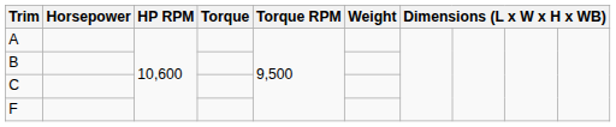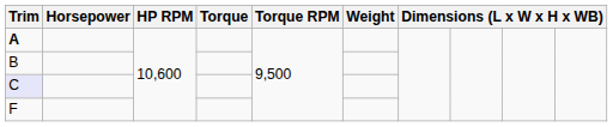 <table class="wikitable">
 <tr>
 <th>Trim</th>
 <th>Horsepower</th>
 <th>HP RPM</th>
 <th>Torque</th>
 <th>Torque RPM</th>
 <th>Weight</th>
 <th colspan="4">Dimensions (L x W x H x WB)</th>
 </tr>
 <tr>
-<td>A</td>
+<td><strong>A</strong></td>
 <td></td>
 <td rowspan="4">10,600</td>
 <td></td>
 <td rowspan="4">9,500</td>
 <td></td>
 <td rowspan="4"></td>
 <td rowspan="4"></td>
 <td rowspan="4"></td>
 <td rowspan="4"></td>
 </tr>
 <tr>
 <td>B</td>
 <td></td>
 <td></td>
 <td></td>
 </tr>
 <tr>
-<td>C</td>
+<td style="background: lavender;">C</td>
 <td></td>
 <td></td>
 <td></td>
 </tr>
 <tr>
 <td>F</td>
 <td></td>
 <td></td>
 <td></td>
 </tr>
 </table>
